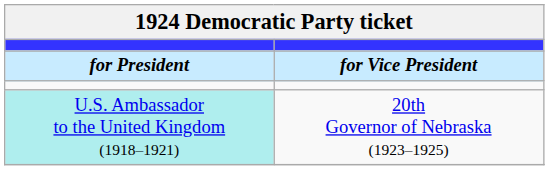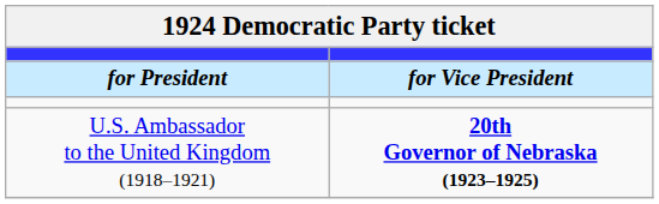 <table class="wikitable" style="font-size:90%; text-align:center;">
 <tr>
 <td style="background:#f1f1f1;" colspan="30"><big><strong>1924 Democratic Party ticket </strong></big></td>
 </tr>
 <tr>
 <th style="width:3em; font-size:135%; background:#3333FF; width:200px;"><a href='#'></a></th>
 <th style="width:3em; font-size:135%; background:#3333FF; width:200px;"><a href='#'></a></th>
 </tr>
 <tr>
 <td style="width:3em; font-size:100%; color:#000; background:#C8EBFF; width:200px;"><strong><em>for President</em></strong></td>
 <td style="width:3em; font-size:100%; color:#000; background:#C8EBFF; width:200px;"><strong><em>for Vice President</em></strong></td>
 </tr>
 <tr>
 <td></td>
 <td></td>
 </tr>
 <tr>
-<td style="background: paleturquoise;"><a href='#'>U.S. Ambassador<br> to the United Kingdom</a><br><small>(1918–1921)</small></td>
-<td><a href='#'>20th</a><br><a href='#'>Governor of Nebraska</a><br><small>(1923–1925)</small></td>
+<td><a href='#'>U.S. Ambassador<br> to the United Kingdom</a><br><small>(1918–1921)</small></td>
+<td><strong><a href='#'>20th</a><br><a href='#'>Governor of Nebraska</a><br><small>(1923–1925)</small></strong></td>
 </tr>
 <tr>
 </tr>
 </table>
